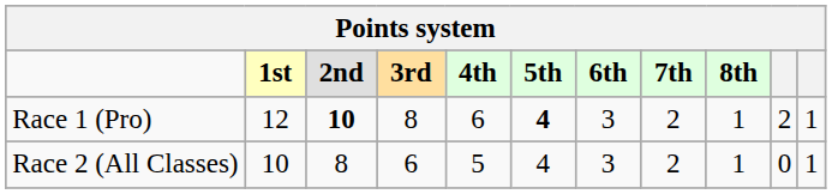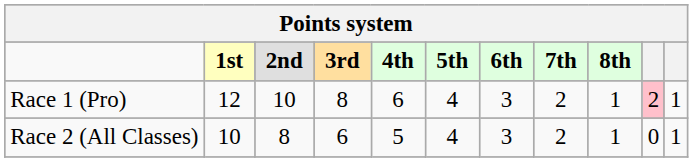 <table class="wikitable" style="font-size:85%; text-align:center">
 <tr>
 <th colspan="19">Points system</th>
 </tr>
 <tr>
 <td></td>
 <td style="background:#ffffbf;"> <strong>1st</strong> </td>
 <td style="background:#dfdfdf;"> <strong>2nd</strong> </td>
 <td style="background:#ffdf9f;"> <strong>3rd</strong> </td>
 <td style="background:#dfffdf;"> <strong>4th</strong> </td>
 <td style="background:#dfffdf;"> <strong>5th</strong> </td>
 <td style="background:#dfffdf;"> <strong>6th</strong> </td>
 <td style="background:#dfffdf;"> <strong>7th</strong> </td>
 <td style="background:#dfffdf;"> <strong>8th</strong> </td>
 <th></th>
 <th></th>
 </tr>
 <tr>
 <td align=left>Race 1 (Pro)</td>
 <td>12</td>
-<td><strong>10</strong></td>
+<td>10</td>
 <td>8</td>
 <td>6</td>
-<td><strong>4</strong></td>
+<td>4</td>
 <td>3</td>
 <td>2</td>
 <td>1</td>
-<td>2</td>
+<td style="background: pink;">2</td>
 <td>1</td>
 </tr>
 <tr>
 <td align=left>Race 2 (All Classes)</td>
 <td>10</td>
 <td>8</td>
 <td>6</td>
 <td>5</td>
 <td>4</td>
 <td>3</td>
 <td>2</td>
 <td>1</td>
 <td>0</td>
 <td>1</td>
 </tr>
 </table>
